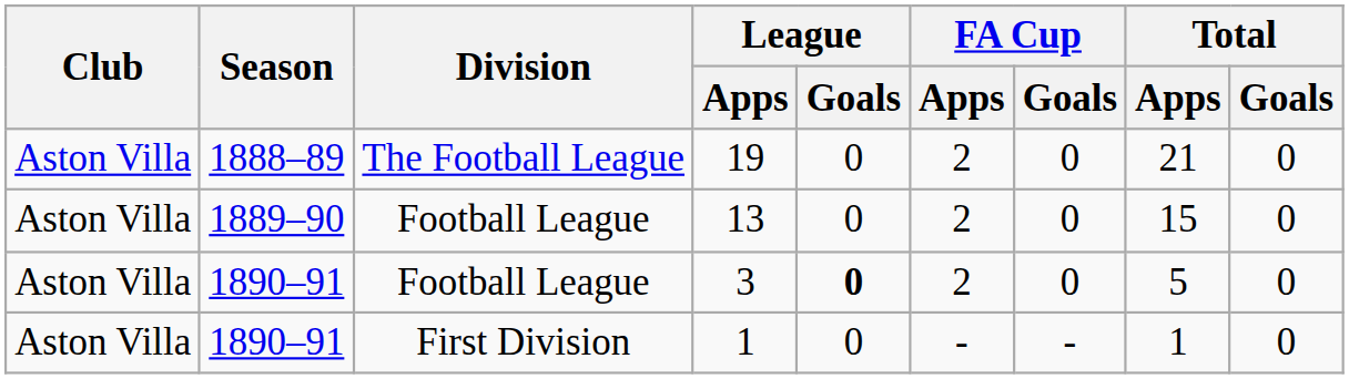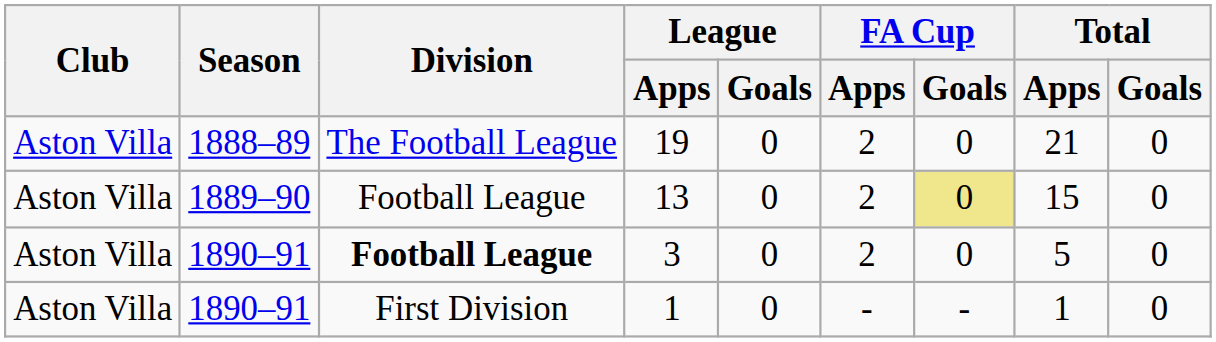 <table class="wikitable" style="text-align:center;">
 <tr>
 <th rowspan="2">Club</th>
 <th rowspan="2">Season</th>
 <th rowspan="2">Division</th>
 <th colspan="2">League</th>
 <th colspan="2"><a href='#'>FA Cup</a></th>
 <th colspan="2">Total</th>
 </tr>
 <tr>
 <th>Apps</th>
 <th>Goals</th>
 <th>Apps</th>
 <th>Goals</th>
 <th>Apps</th>
 <th>Goals</th>
 </tr>
 <tr>
 <td><a href='#'>Aston Villa</a></td>
 <td><a href='#'>1888–89</a></td>
 <td><a href='#'>The Football League</a></td>
 <td>19</td>
 <td>0</td>
 <td>2</td>
 <td>0</td>
 <td>21</td>
 <td>0</td>
 </tr>
 <tr>
 <td>Aston Villa</td>
 <td><a href='#'>1889–90</a></td>
 <td>Football League</td>
 <td>13</td>
 <td>0</td>
 <td>2</td>
-<td>0</td>
+<td style="background: khaki;">0</td>
 <td>15</td>
 <td>0</td>
 </tr>
 <tr>
 <td>Aston Villa</td>
 <td><a href='#'>1890–91</a></td>
-<td>Football League</td>
+<td><strong>Football League</strong></td>
 <td>3</td>
-<td><strong>0</strong></td>
+<td>0</td>
 <td>2</td>
 <td>0</td>
 <td>5</td>
 <td>0</td>
 </tr>
 <tr>
 <td>Aston Villa</td>
 <td><a href='#'>1890–91</a></td>
 <td>First Division</td>
 <td>1</td>
 <td>0</td>
 <td>-</td>
 <td>-</td>
 <td>1</td>
 <td>0</td>
 </tr>
 </table>
